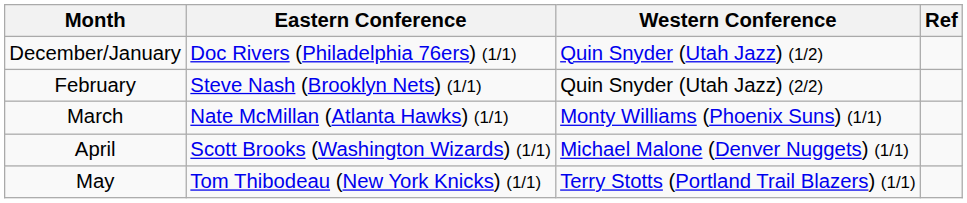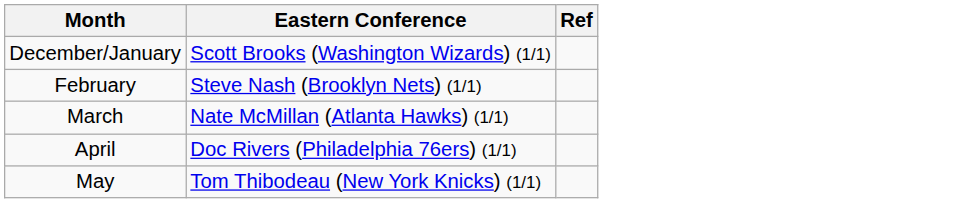 <table class="wikitable sortable" style="text-align:left;">
 <tr>
 <th>Month</th>
 <th>Eastern Conference</th>
-<th>Western Conference</th>
 <th class=unsortable>Ref</th>
 </tr>
 <tr>
 <td style="text-align:center;">December/January</td>
-<td><a href='#'>Doc Rivers</a> (<a href='#'>Philadelphia 76ers</a>) <small>(1/1)</small></td>
-<td><a href='#'>Quin Snyder</a> (<a href='#'>Utah Jazz</a>) <small>(1/2)</small></td>
+<td><a href='#'>Scott Brooks</a> (<a href='#'>Washington Wizards</a>) <small>(1/1)</small></td>
 <td style="text-align:center;"></td>
 </tr>
 <tr>
 <td style="text-align:center;">February</td>
 <td><a href='#'>Steve Nash</a> (<a href='#'>Brooklyn Nets</a>) <small>(1/1)</small></td>
-<td>Quin Snyder (Utah Jazz) <small>(2/2)</small></td>
 <td style="text-align:center;"></td>
 </tr>
 <tr>
 <td style="text-align:center;">March</td>
 <td><a href='#'>Nate McMillan</a> (<a href='#'>Atlanta Hawks</a>) <small>(1/1)</small></td>
-<td><a href='#'>Monty Williams</a> (<a href='#'>Phoenix Suns</a>) <small>(1/1)</small></td>
 <td style="text-align:center;"></td>
 </tr>
 <tr>
 <td style="text-align:center;">April</td>
-<td><a href='#'>Scott Brooks</a> (<a href='#'>Washington Wizards</a>) <small>(1/1)</small></td>
-<td><a href='#'>Michael Malone</a> (<a href='#'>Denver Nuggets</a>) <small>(1/1)</small></td>
+<td><a href='#'>Doc Rivers</a> (<a href='#'>Philadelphia 76ers</a>) <small>(1/1)</small></td>
 <td style="text-align:center;"></td>
 </tr>
 <tr>
 <td style="text-align:center;'">May</td>
 <td><a href='#'>Tom Thibodeau</a> (<a href='#'>New York Knicks</a>) <small>(1/1)</small></td>
-<td><a href='#'>Terry Stotts</a> (<a href='#'>Portland Trail Blazers</a>) <small>(1/1)</small></td>
 <td style="text-align:center;"></td>
 </tr>
 </table>
